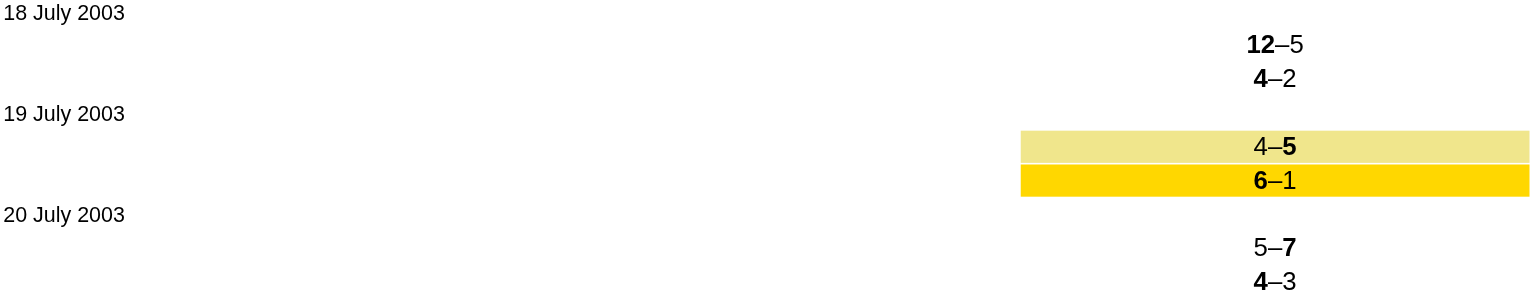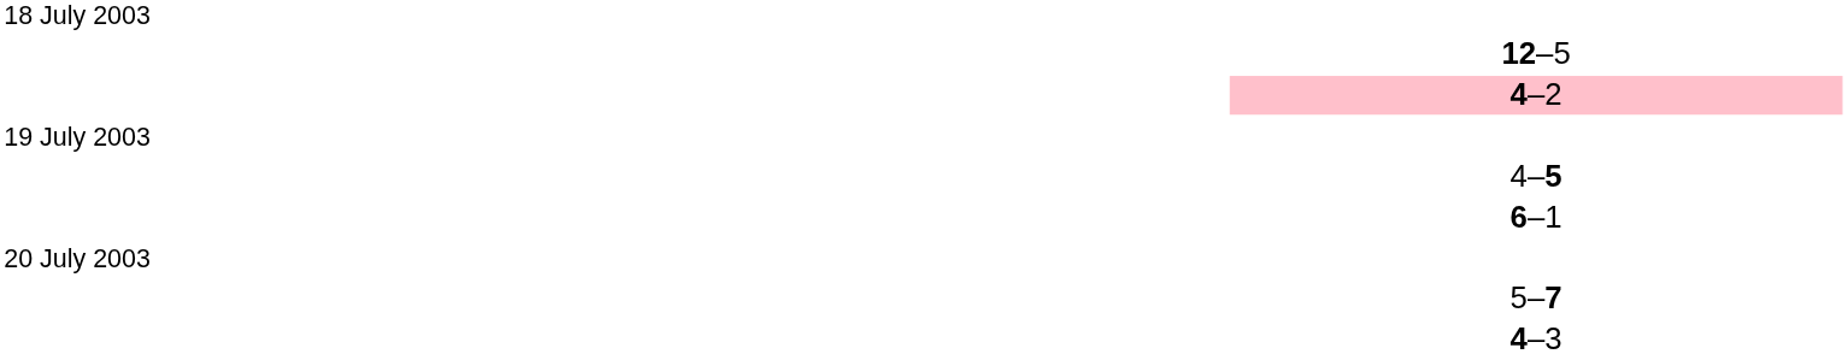 <table width=100% cellspacing=1>
 <tr>
 <th width=40%></th>
 <th width=20%></th>
 <th></th>
 </tr>
 <tr>
 <td><small>18 July 2003</small></td>
 </tr>
 <tr>
 <td align=right><strong></strong></td>
 <td align=center><strong>12</strong>–5</td>
 <td></td>
 </tr>
 <tr>
 <td align=right><strong></strong></td>
-<td align=center><strong>4</strong>–2</td>
+<td align=center style="background: pink;"><strong>4</strong>–2</td>
 <td></td>
 </tr>
 <tr>
 <td><small>19 July 2003</small></td>
 </tr>
 <tr>
 <td align=right></td>
-<td align=center style="background: khaki;">4–<strong>5</strong></td>
+<td align=center>4–<strong>5</strong></td>
 <td><strong></strong></td>
 </tr>
 <tr>
 <td align=right><strong></strong></td>
-<td align=center style="background: gold;"><strong>6</strong>–1</td>
+<td align=center><strong>6</strong>–1</td>
 <td></td>
 </tr>
 <tr>
 <td><small>20 July 2003</small></td>
 </tr>
 <tr>
 <td align=right></td>
 <td align=center>5–<strong>7</strong></td>
 <td><strong></strong></td>
 </tr>
 <tr>
 <td align=right><strong></strong></td>
 <td align=center><strong>4</strong>–3 </td>
 <td></td>
 </tr>
 </table>
